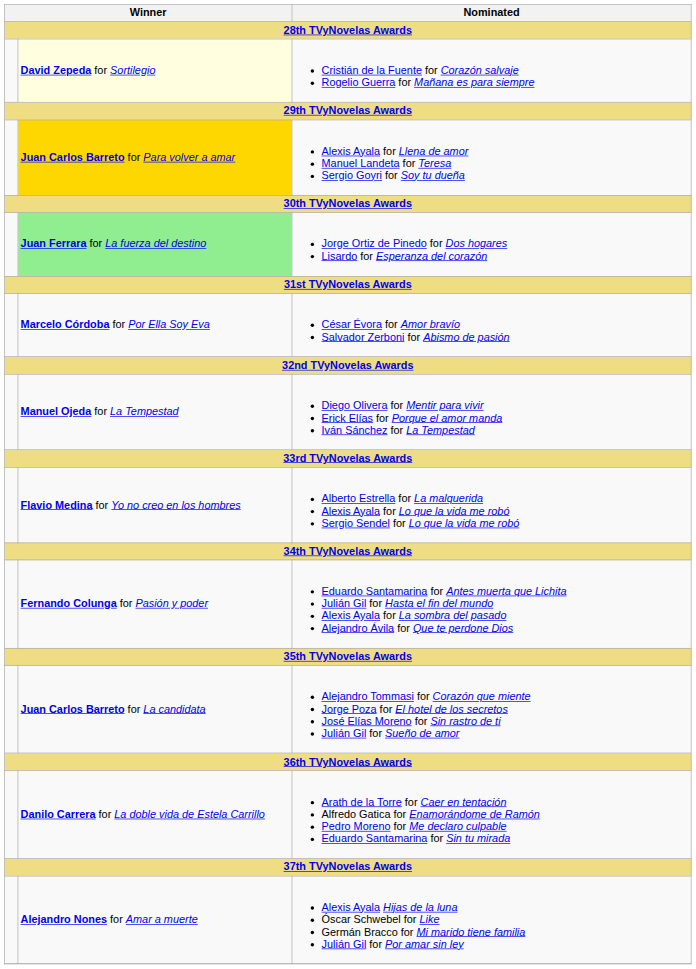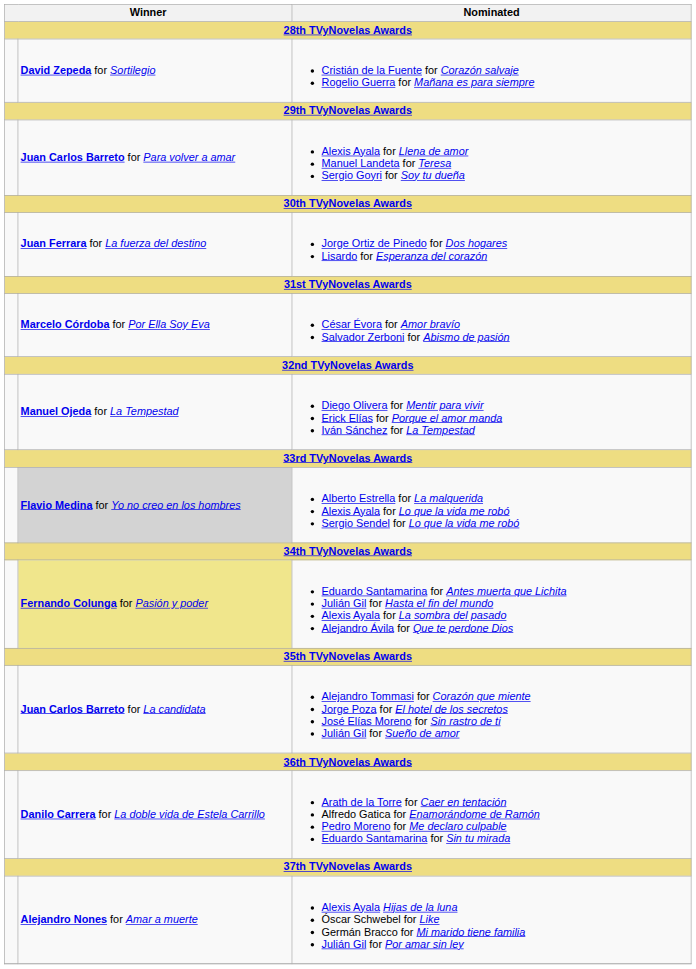 <table class="wikitable" width=80%>
 <tr align=center>
 <th width="150px;" colspan=2; align="center">Winner</th>
 <th width="580px;" align="center">Nominated</th>
 </tr>
 <tr>
 <th colspan=9 style="background:#EEDD82;"  align="center"><strong><a href='#'>28th TVyNovelas Awards</a></strong></th>
 </tr>
 <tr>
 <td width=2%></td>
-<td style="background: lightyellow;"><strong><a href='#'>David Zepeda</a></strong> for <em><a href='#'>Sortilegio</a></em></td>
+<td><strong><a href='#'>David Zepeda</a></strong> for <em><a href='#'>Sortilegio</a></em></td>
 <td><br><ul><li><a href='#'>Cristián de la Fuente</a> for <em><a href='#'>Corazón salvaje</a></em></li><li><a href='#'>Rogelio Guerra</a> for <em><a href='#'>Mañana es para siempre</a></em></li></ul></td>
 </tr>
 <tr>
 <th colspan=9 style="background:#EEDD82;"  align="center"><strong><a href='#'>29th TVyNovelas Awards</a></strong></th>
 </tr>
 <tr>
 <td width=2%></td>
-<td style="background: gold;"><strong><a href='#'>Juan Carlos Barreto</a></strong> for <em><a href='#'>Para volver a amar</a></em></td>
+<td><strong><a href='#'>Juan Carlos Barreto</a></strong> for <em><a href='#'>Para volver a amar</a></em></td>
 <td><br><ul><li><a href='#'>Alexis Ayala</a> for <em><a href='#'>Llena de amor</a></em></li><li><a href='#'>Manuel Landeta</a> for <em><a href='#'>Teresa</a></em></li><li><a href='#'>Sergio Goyri</a> for <em><a href='#'>Soy tu dueña</a></em></li></ul></td>
 </tr>
 <tr>
 <th colspan=9 style="background:#EEDD82;"  align="center"><strong><a href='#'>30th TVyNovelas Awards</a></strong></th>
 </tr>
 <tr>
 <td width=2%></td>
-<td style="background: lightgreen;"><strong><a href='#'>Juan Ferrara</a></strong> for <em><a href='#'>La fuerza del destino</a></em></td>
+<td><strong><a href='#'>Juan Ferrara</a></strong> for <em><a href='#'>La fuerza del destino</a></em></td>
 <td><br><ul><li><a href='#'>Jorge Ortiz de Pinedo</a> for <em><a href='#'>Dos hogares</a></em></li><li><a href='#'>Lisardo</a> for <em><a href='#'>Esperanza del corazón</a></em></li></ul></td>
 </tr>
 <tr>
 <th colspan=9 style="background:#EEDD82;"  align="center"><strong><a href='#'>31st TVyNovelas Awards</a></strong></th>
 </tr>
 <tr>
 <td width=2%></td>
 <td><strong><a href='#'>Marcelo Córdoba</a></strong> for <em><a href='#'>Por Ella Soy Eva</a></em></td>
 <td><br><ul><li><a href='#'>César Évora</a> for <em><a href='#'>Amor bravío</a></em></li><li><a href='#'>Salvador Zerboni</a> for <em><a href='#'>Abismo de pasión</a></em></li></ul></td>
 </tr>
 <tr>
 <th colspan=9 style="background:#EEDD82;"  align="center"><strong><a href='#'>32nd TVyNovelas Awards</a></strong></th>
 </tr>
 <tr>
 <td width=2%></td>
 <td><strong><a href='#'>Manuel Ojeda</a></strong> for <em><a href='#'>La Tempestad</a></em></td>
 <td><br><ul><li><a href='#'>Diego Olivera</a> for <em><a href='#'>Mentir para vivir</a></em></li><li><a href='#'>Erick Elías</a> for <em><a href='#'>Porque el amor manda</a></em></li><li><a href='#'>Iván Sánchez</a> for <em><a href='#'>La Tempestad</a></em></li></ul></td>
 </tr>
 <tr>
 <th colspan=9 style="background:#EEDD82;"  align="center"><strong><a href='#'>33rd TVyNovelas Awards</a></strong></th>
 </tr>
 <tr>
 <td width=2%></td>
-<td><strong><a href='#'>Flavio Medina</a></strong> for <em><a href='#'>Yo no creo en los hombres</a></em></td>
+<td style="background: lightgrey;"><strong><a href='#'>Flavio Medina</a></strong> for <em><a href='#'>Yo no creo en los hombres</a></em></td>
 <td><br><ul><li><a href='#'>Alberto Estrella</a> for <em><a href='#'>La malquerida</a></em></li><li><a href='#'>Alexis Ayala</a> for <em><a href='#'>Lo que la vida me robó</a></em></li><li><a href='#'>Sergio Sendel</a> for <em><a href='#'>Lo que la vida me robó</a></em></li></ul></td>
 </tr>
 <tr>
 <th colspan=9 style="background:#EEDD82;"  align="center"><strong><a href='#'>34th TVyNovelas Awards</a></strong></th>
 </tr>
 <tr>
 <td width=2%></td>
-<td><strong><a href='#'>Fernando Colunga</a></strong> for <em><a href='#'>Pasión y poder</a></em></td>
+<td style="background: khaki;"><strong><a href='#'>Fernando Colunga</a></strong> for <em><a href='#'>Pasión y poder</a></em></td>
 <td><br><ul><li><a href='#'>Eduardo Santamarina</a> for <em><a href='#'>Antes muerta que Lichita</a></em></li><li><a href='#'>Julián Gil</a> for <em><a href='#'>Hasta el fin del mundo</a></em></li><li><a href='#'>Alexis Ayala</a> for <em><a href='#'>La sombra del pasado</a></em></li><li><a href='#'>Alejandro Ávila</a> for <em><a href='#'>Que te perdone Dios</a></em></li></ul></td>
 </tr>
 <tr>
 <th colspan=9 style="background:#EEDD82;"  align="center"><strong><a href='#'>35th TVyNovelas Awards</a></strong></th>
 </tr>
 <tr>
 <td width=2%></td>
 <td><strong><a href='#'>Juan Carlos Barreto</a></strong> for <em><a href='#'>La candidata</a></em></td>
 <td><br><ul><li><a href='#'>Alejandro Tommasi</a> for <em><a href='#'>Corazón que miente</a></em></li><li><a href='#'>Jorge Poza</a> for <em><a href='#'>El hotel de los secretos</a></em></li><li><a href='#'>José Elías Moreno</a> for <em><a href='#'>Sin rastro de ti</a></em></li><li><a href='#'>Julián Gil</a> for <em><a href='#'>Sueño de amor</a></em></li></ul></td>
 </tr>
 <tr>
 <th colspan=9 style="background:#EEDD82;"  align="center"><strong><a href='#'>36th TVyNovelas Awards</a></strong></th>
 </tr>
 <tr>
 <td width=2%></td>
 <td><strong><a href='#'>Danilo Carrera</a></strong> for <em><a href='#'>La doble vida de Estela Carrillo</a></em></td>
 <td><br><ul><li><a href='#'>Arath de la Torre</a> for <em><a href='#'>Caer en tentación</a></em></li><li>Alfredo Gatica for <em><a href='#'>Enamorándome de Ramón</a></em></li><li><a href='#'>Pedro Moreno</a> for <em><a href='#'>Me declaro culpable</a></em></li><li><a href='#'>Eduardo Santamarina</a> for <em><a href='#'>Sin tu mirada</a></em></li></ul></td>
 </tr>
 <tr>
 <th colspan=9 style="background:#EEDD82;"  align="center"><strong><a href='#'>37th TVyNovelas Awards</a></strong></th>
 </tr>
 <tr>
 <td width=2%></td>
 <td><strong><a href='#'>Alejandro Nones</a></strong> for <em><a href='#'>Amar a muerte</a></em></td>
 <td><br><ul><li><a href='#'>Alexis Ayala</a> <em><a href='#'>Hijas de la luna</a></em></li><li>Óscar Schwebel for <em><a href='#'>Like</a></em></li><li>Germán Bracco for <em><a href='#'>Mi marido tiene familia</a></em></li><li><a href='#'>Julián Gil</a> for <em><a href='#'>Por amar sin ley</a></em></li></ul></td>
 </tr>
 <tr>
 </tr>
 </table>
